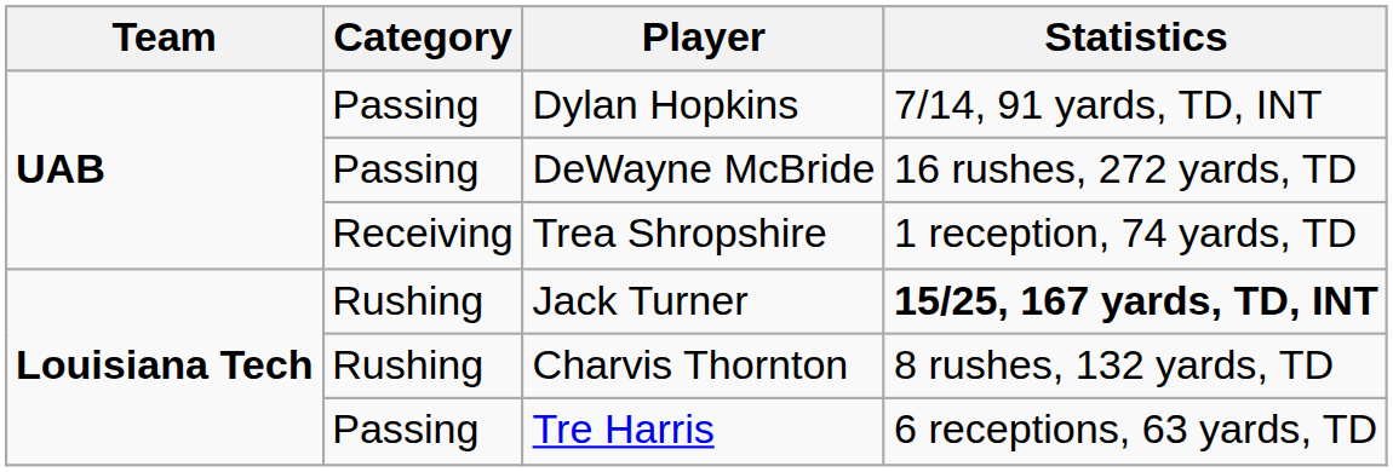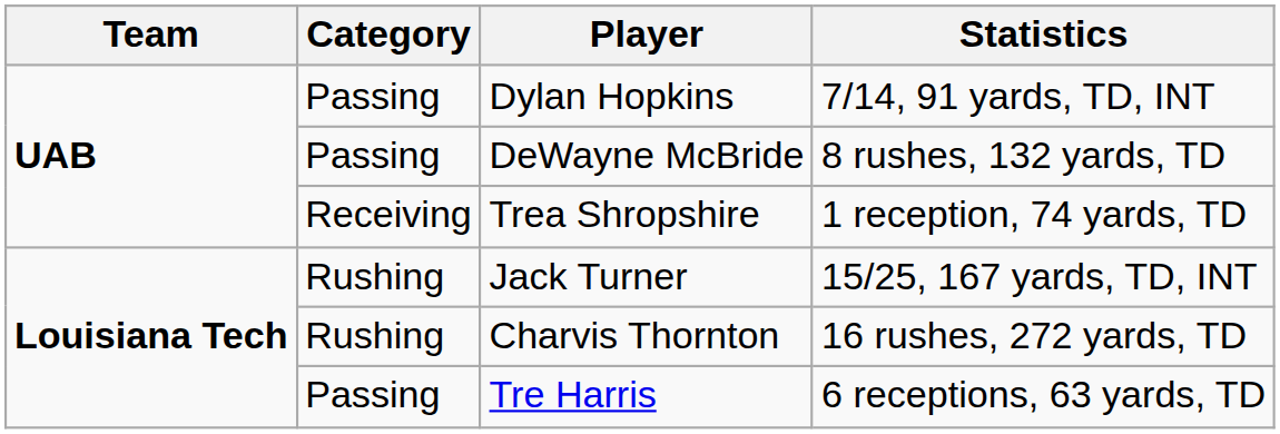 <table class="wikitable" style="float: left;">
 <tr>
 <th>Team</th>
 <th>Category</th>
 <th>Player</th>
 <th>Statistics</th>
 </tr>
 <tr>
 <td rowspan=3><strong>UAB</strong></td>
 <td>Passing</td>
 <td>Dylan Hopkins</td>
 <td>7/14, 91 yards, TD, INT</td>
 </tr>
 <tr>
 <td>Passing</td>
 <td>DeWayne McBride</td>
-<td>16 rushes, 272 yards, TD</td>
+<td>8 rushes, 132 yards, TD</td>
 </tr>
 <tr>
 <td>Receiving</td>
 <td>Trea Shropshire</td>
 <td>1 reception, 74 yards, TD</td>
 </tr>
 <tr>
 <td rowspan=3><strong>Louisiana Tech</strong></td>
 <td>Rushing</td>
 <td>Jack Turner</td>
-<td><strong>15/25, 167 yards, TD, INT</strong></td>
+<td>15/25, 167 yards, TD, INT</td>
 </tr>
 <tr>
 <td>Rushing</td>
 <td>Charvis Thornton</td>
-<td>8 rushes, 132 yards, TD</td>
+<td>16 rushes, 272 yards, TD</td>
 </tr>
 <tr>
 <td>Passing</td>
 <td><a href='#'>Tre Harris</a></td>
 <td>6 receptions, 63 yards, TD</td>
 </tr>
 </table>
